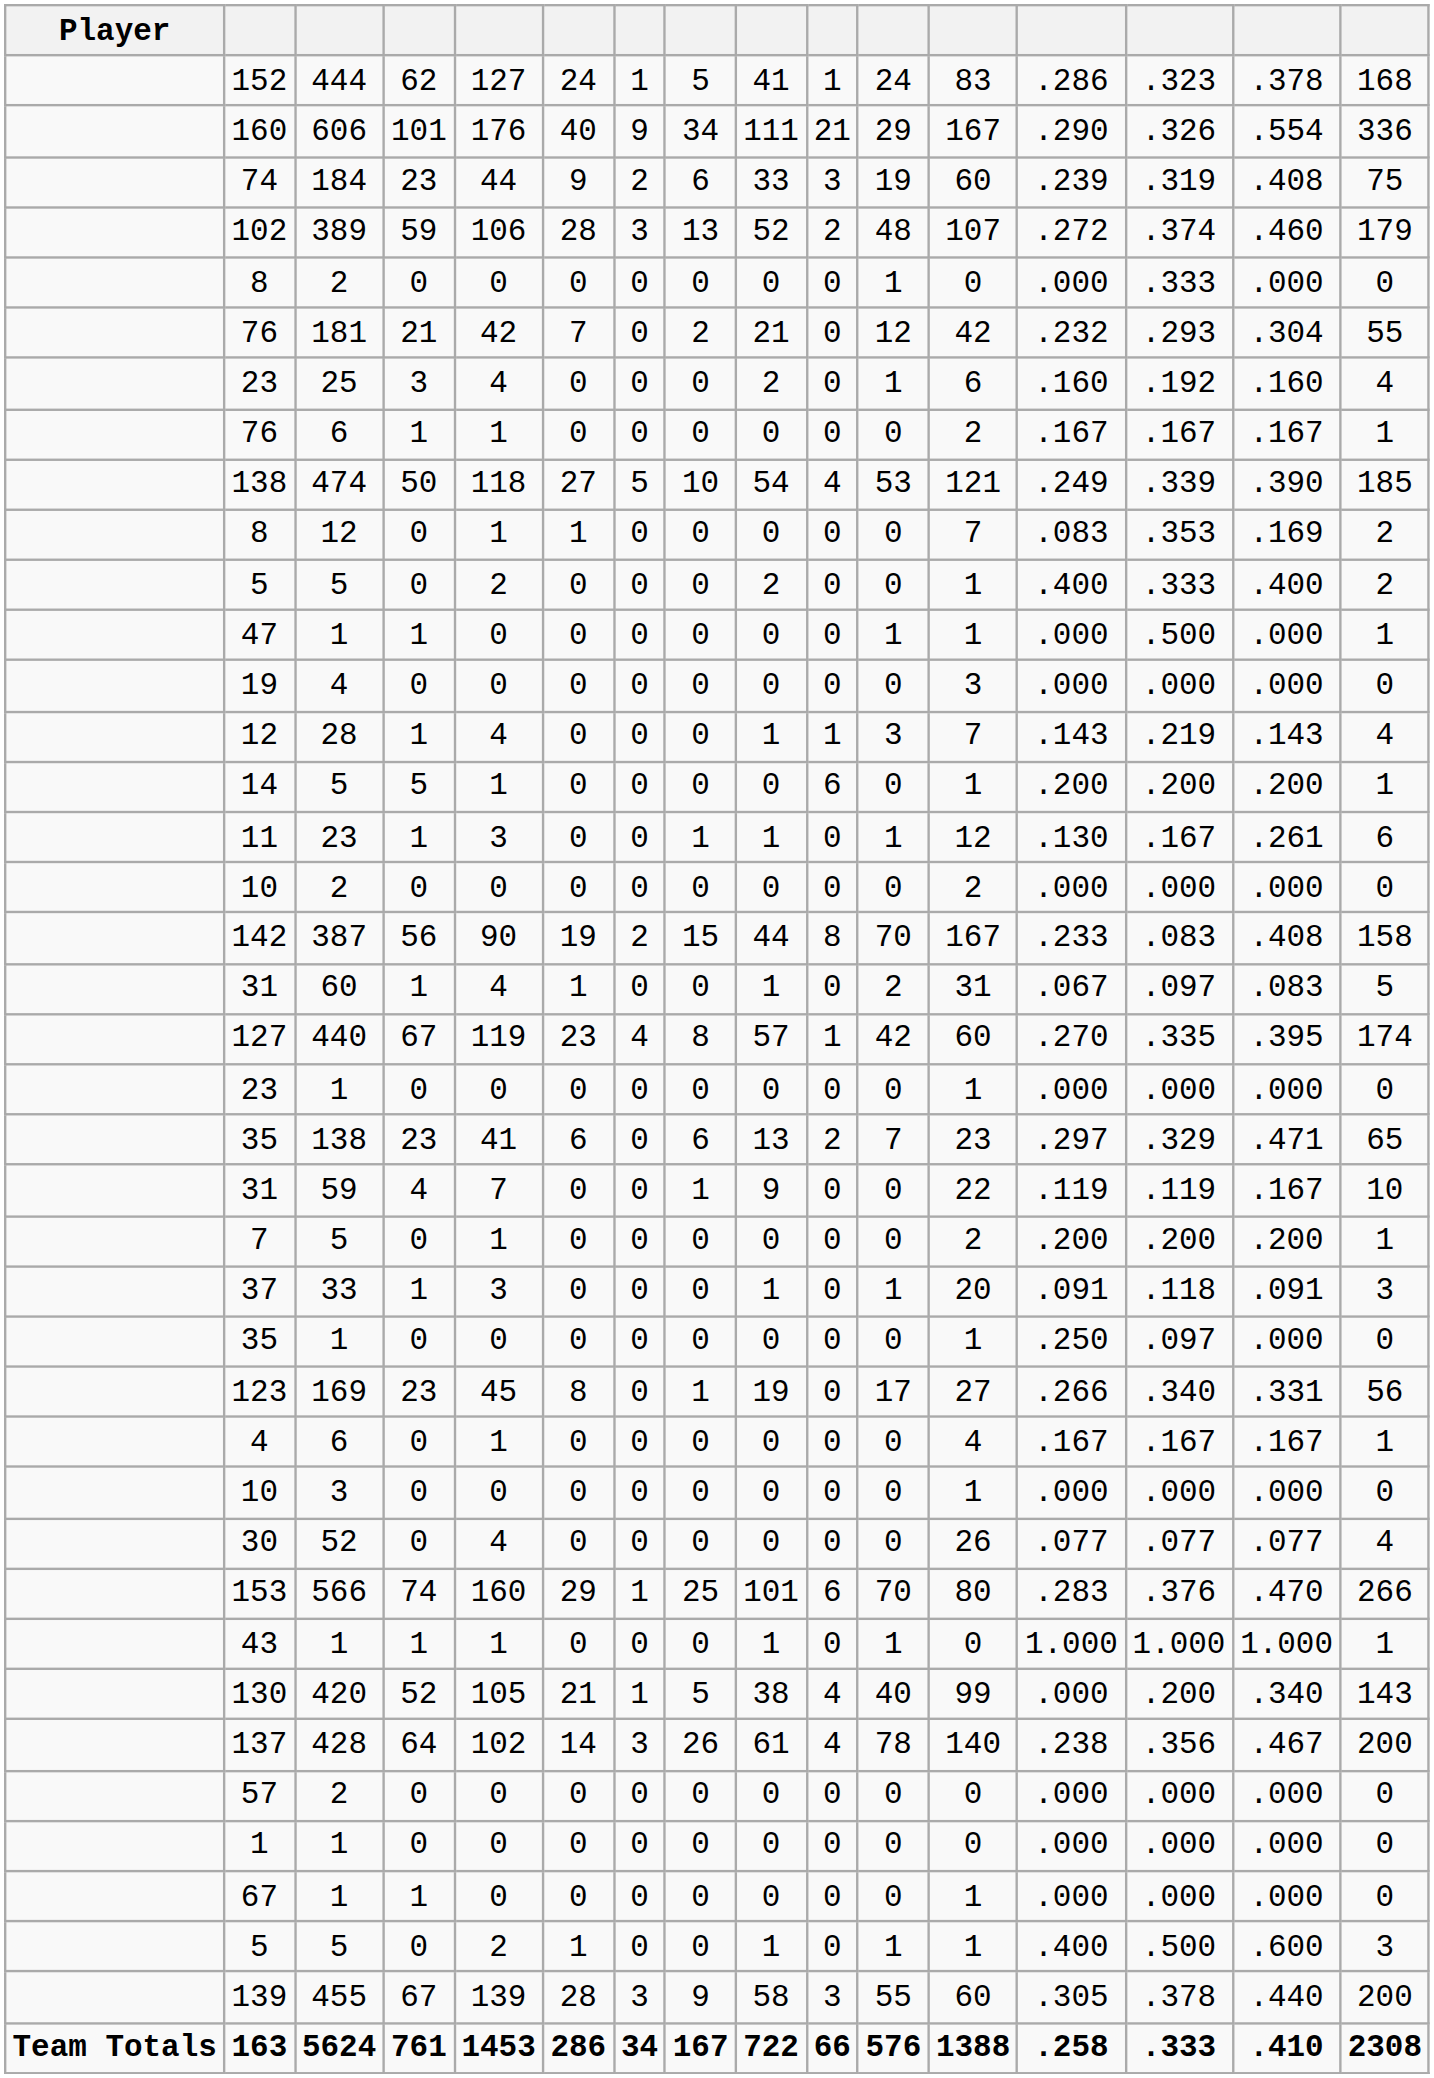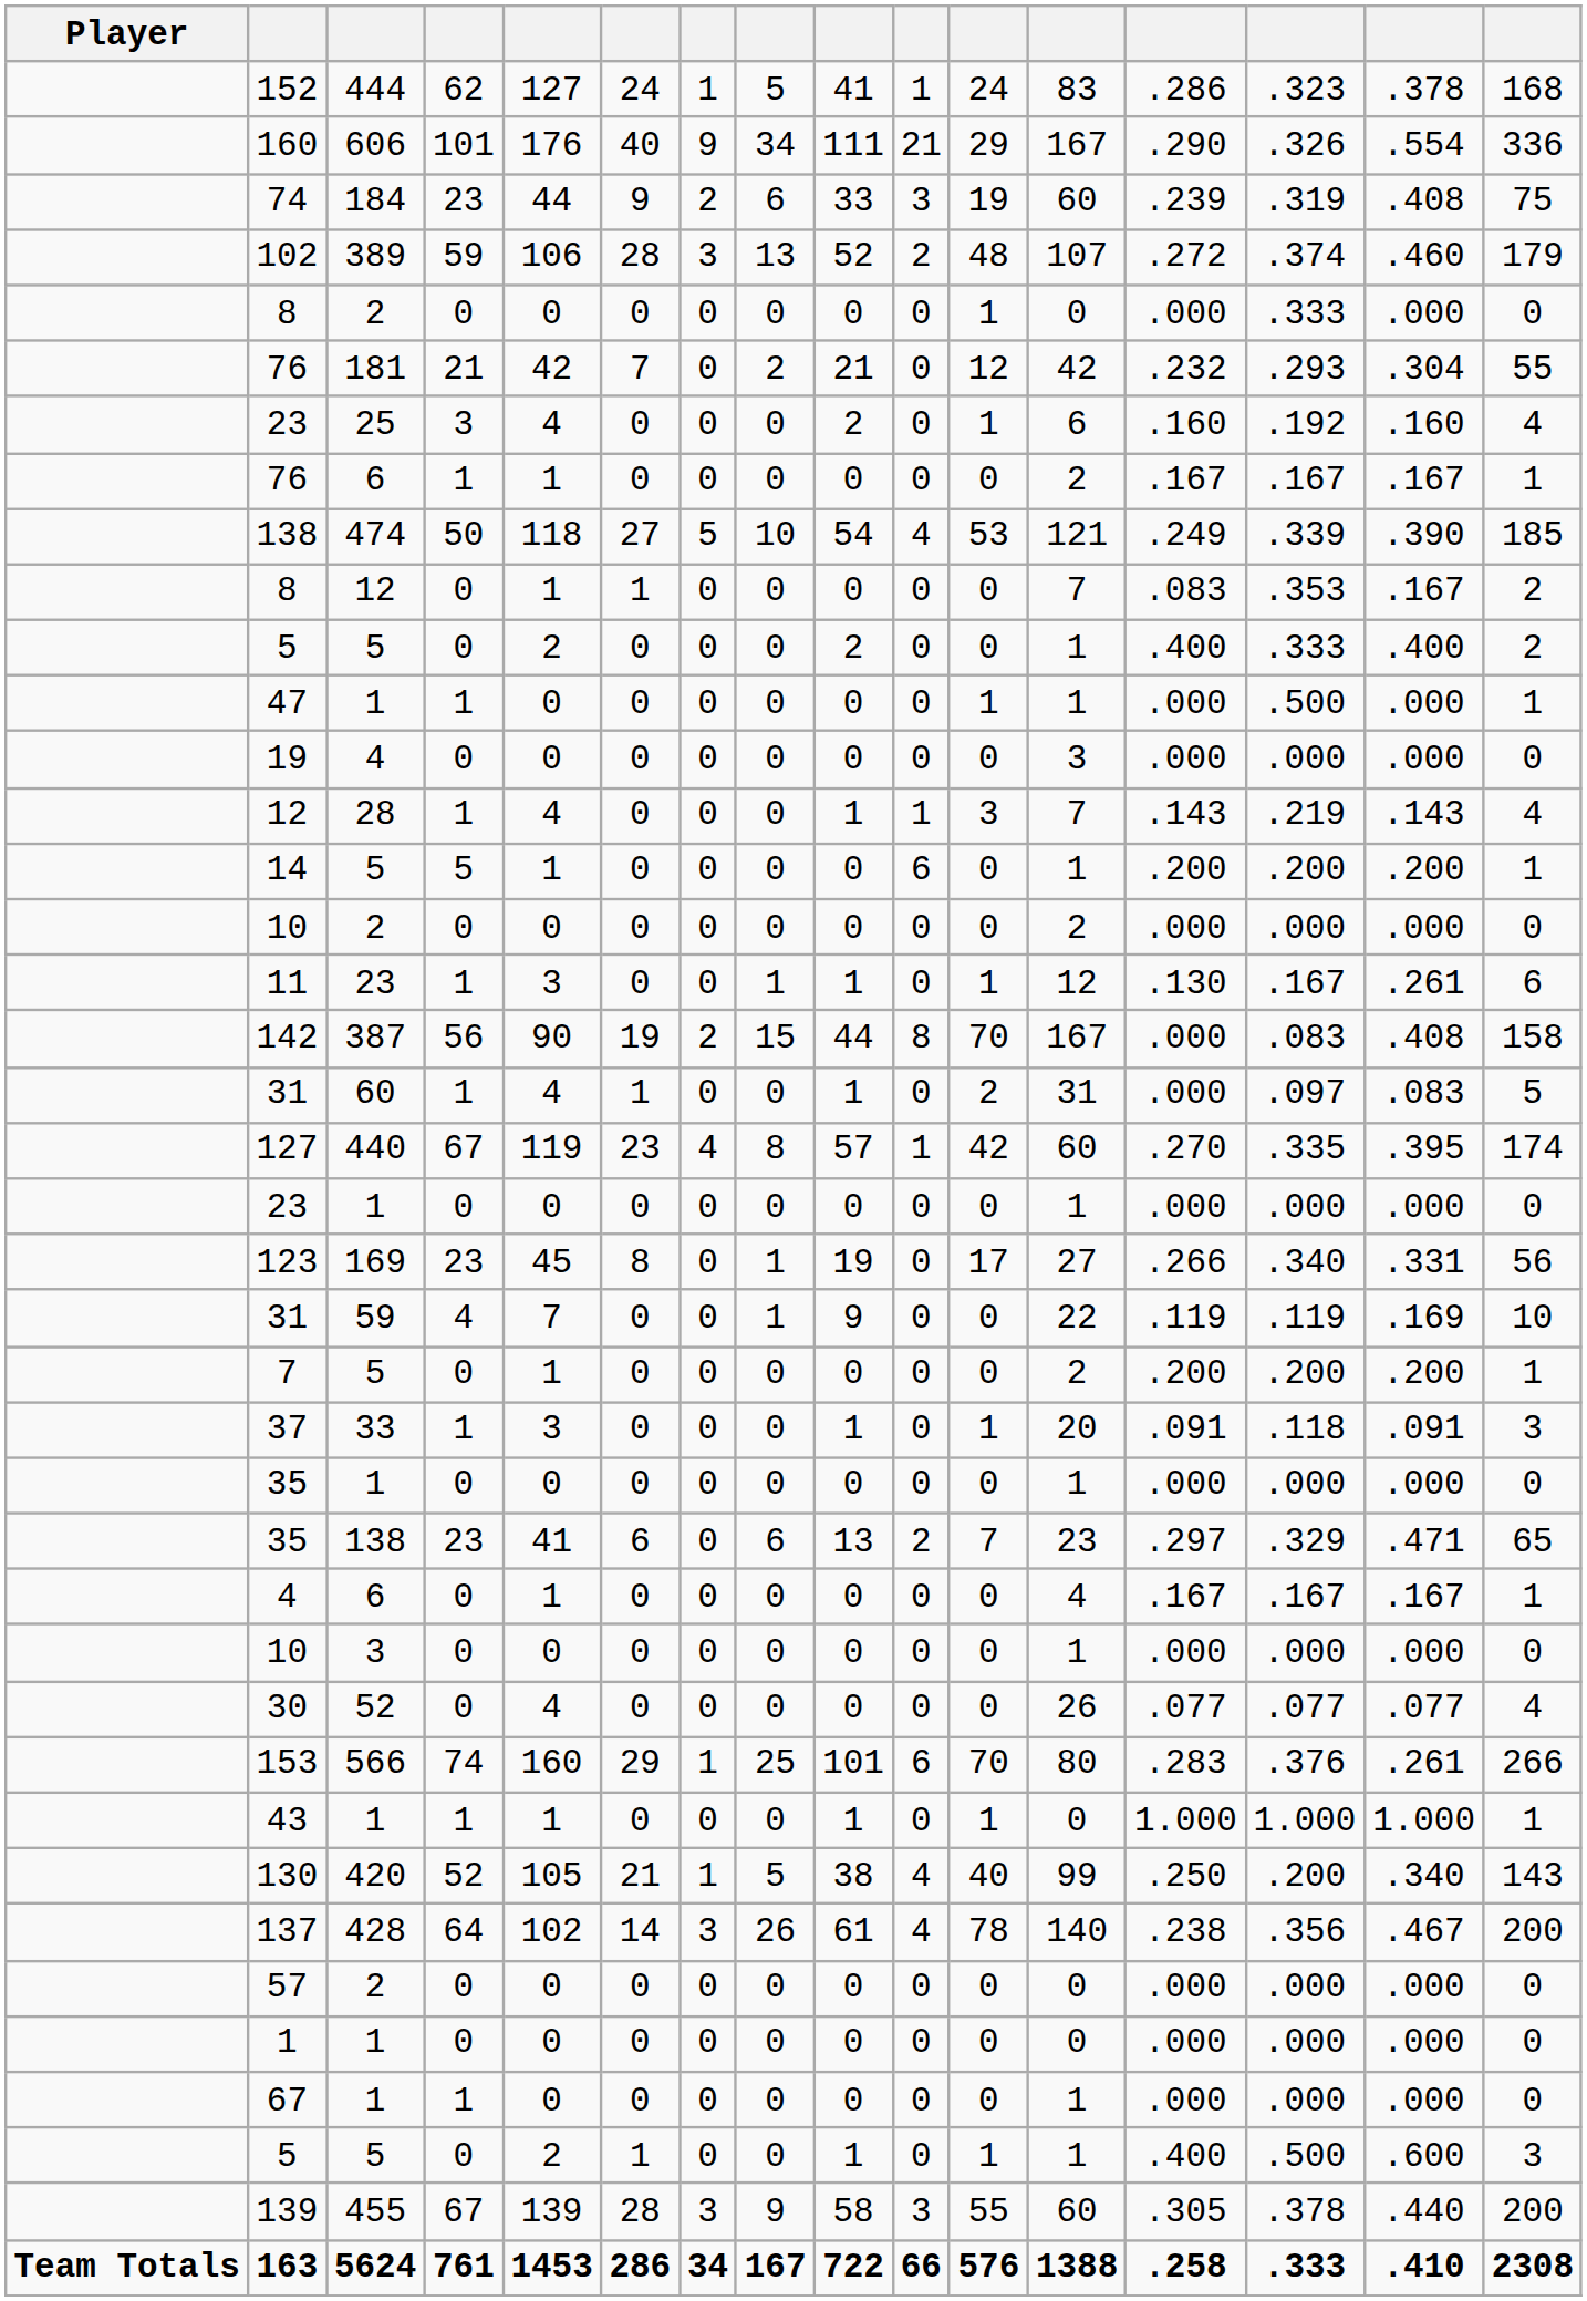 <table class="wikitable sortable" style="text-align:center;">
 <tr>
 <th>Player</th>
 <th></th>
 <th></th>
 <th></th>
 <th></th>
 <th></th>
 <th></th>
 <th></th>
 <th></th>
 <th></th>
 <th></th>
 <th></th>
 <th></th>
 <th></th>
 <th></th>
 <th></th>
 </tr>
 <tr>
 <td align=left><strong></strong></td>
 <td>152</td>
 <td>444</td>
 <td>62</td>
 <td>127</td>
 <td>24</td>
 <td>1</td>
 <td>5</td>
 <td>41</td>
 <td>1</td>
 <td>24</td>
 <td>83</td>
 <td>.286</td>
 <td>.323</td>
 <td>.378</td>
 <td>168</td>
 </tr>
 <tr>
 <td align=left><strong></strong></td>
 <td>160</td>
 <td>606</td>
 <td>101</td>
 <td>176</td>
 <td>40</td>
 <td>9</td>
 <td>34</td>
 <td>111</td>
 <td>21</td>
 <td>29</td>
 <td>167</td>
 <td>.290</td>
 <td>.326</td>
 <td>.554</td>
 <td>336</td>
 </tr>
 <tr>
 <td align=left><strong></strong></td>
 <td>74</td>
 <td>184</td>
 <td>23</td>
 <td>44</td>
 <td>9</td>
 <td>2</td>
 <td>6</td>
 <td>33</td>
 <td>3</td>
 <td>19</td>
 <td>60</td>
 <td>.239</td>
 <td>.319</td>
 <td>.408</td>
 <td>75</td>
 </tr>
 <tr>
 <td align=left><strong></strong></td>
 <td>102</td>
 <td>389</td>
 <td>59</td>
 <td>106</td>
 <td>28</td>
 <td>3</td>
 <td>13</td>
 <td>52</td>
 <td>2</td>
 <td>48</td>
 <td>107</td>
 <td>.272</td>
 <td>.374</td>
 <td>.460</td>
 <td>179</td>
 </tr>
 <tr>
 <td align=left></td>
 <td>8</td>
 <td>2</td>
 <td>0</td>
 <td>0</td>
 <td>0</td>
 <td>0</td>
 <td>0</td>
 <td>0</td>
 <td>0</td>
 <td>1</td>
 <td>0</td>
 <td>.000</td>
 <td>.333</td>
 <td>.000</td>
 <td>0</td>
 </tr>
 <tr>
 <td align=left><strong></strong></td>
 <td>76</td>
 <td>181</td>
 <td>21</td>
 <td>42</td>
 <td>7</td>
 <td>0</td>
 <td>2</td>
 <td>21</td>
 <td>0</td>
 <td>12</td>
 <td>42</td>
 <td>.232</td>
 <td>.293</td>
 <td>.304</td>
 <td>55</td>
 </tr>
 <tr>
 <td align=left></td>
 <td>23</td>
 <td>25</td>
 <td>3</td>
 <td>4</td>
 <td>0</td>
 <td>0</td>
 <td>0</td>
 <td>2</td>
 <td>0</td>
 <td>1</td>
 <td>6</td>
 <td>.160</td>
 <td>.192</td>
 <td>.160</td>
 <td>4</td>
 </tr>
 <tr>
 <td align=left><strong></strong></td>
 <td>76</td>
 <td>6</td>
 <td>1</td>
 <td>1</td>
 <td>0</td>
 <td>0</td>
 <td>0</td>
 <td>0</td>
 <td>0</td>
 <td>0</td>
 <td>2</td>
 <td>.167</td>
 <td>.167</td>
 <td>.167</td>
 <td>1</td>
 </tr>
 <tr>
 <td align=left><strong></strong></td>
 <td>138</td>
 <td>474</td>
 <td>50</td>
 <td>118</td>
 <td>27</td>
 <td>5</td>
 <td>10</td>
 <td>54</td>
 <td>4</td>
 <td>53</td>
 <td>121</td>
 <td>.249</td>
 <td>.339</td>
 <td>.390</td>
 <td>185</td>
 </tr>
 <tr>
 <td align=left><strong></strong></td>
 <td>8</td>
 <td>12</td>
 <td>0</td>
 <td>1</td>
 <td>1</td>
 <td>0</td>
 <td>0</td>
 <td>0</td>
 <td>0</td>
 <td>0</td>
 <td>7</td>
 <td>.083</td>
 <td>.353</td>
-<td>.169</td>
+<td>.167</td>
 <td>2</td>
 </tr>
 <tr>
 <td align=left></td>
 <td>5</td>
 <td>5</td>
 <td>0</td>
 <td>2</td>
 <td>0</td>
 <td>0</td>
 <td>0</td>
 <td>2</td>
 <td>0</td>
 <td>0</td>
 <td>1</td>
 <td>.400</td>
 <td>.333</td>
 <td>.400</td>
 <td>2</td>
 </tr>
 <tr>
 <td align=left></td>
 <td>47</td>
 <td>1</td>
 <td>1</td>
 <td>0</td>
 <td>0</td>
 <td>0</td>
 <td>0</td>
 <td>0</td>
 <td>0</td>
 <td>1</td>
 <td>1</td>
 <td>.000</td>
 <td>.500</td>
 <td>.000</td>
 <td>1</td>
 </tr>
 <tr>
 <td align=left><strong></strong></td>
 <td>19</td>
 <td>4</td>
 <td>0</td>
 <td>0</td>
 <td>0</td>
 <td>0</td>
 <td>0</td>
 <td>0</td>
 <td>0</td>
 <td>0</td>
 <td>3</td>
 <td>.000</td>
 <td>.000</td>
 <td>.000</td>
 <td>0</td>
 </tr>
 <tr>
 <td align=left></td>
 <td>12</td>
 <td>28</td>
 <td>1</td>
 <td>4</td>
 <td>0</td>
 <td>0</td>
 <td>0</td>
 <td>1</td>
 <td>1</td>
 <td>3</td>
 <td>7</td>
 <td>.143</td>
 <td>.219</td>
 <td>.143</td>
 <td>4</td>
 </tr>
 <tr>
 <td align=left></td>
 <td>14</td>
 <td>5</td>
 <td>5</td>
 <td>1</td>
 <td>0</td>
 <td>0</td>
 <td>0</td>
 <td>0</td>
 <td>6</td>
 <td>0</td>
 <td>1</td>
 <td>.200</td>
 <td>.200</td>
 <td>.200</td>
 <td>1</td>
 </tr>
 <tr>
 <td align=left></td>
+<td>10</td>
+<td>2</td>
+<td>0</td>
+<td>0</td>
+<td>0</td>
+<td>0</td>
+<td>0</td>
+<td>0</td>
+<td>0</td>
+<td>0</td>
+<td>2</td>
+<td>.000</td>
+<td>.000</td>
+<td>.000</td>
+<td>0</td>
+</tr>
+<tr>
+<td align=left></td>
 <td>11</td>
 <td>23</td>
 <td>1</td>
 <td>3</td>
 <td>0</td>
 <td>0</td>
 <td>1</td>
 <td>1</td>
 <td>0</td>
 <td>1</td>
 <td>12</td>
 <td>.130</td>
 <td>.167</td>
 <td>.261</td>
 <td>6</td>
 </tr>
 <tr>
-<td align=left></td>
-<td>10</td>
-<td>2</td>
-<td>0</td>
-<td>0</td>
-<td>0</td>
-<td>0</td>
-<td>0</td>
-<td>0</td>
-<td>0</td>
-<td>0</td>
-<td>2</td>
-<td>.000</td>
-<td>.000</td>
-<td>.000</td>
-<td>0</td>
-</tr>
-<tr>
 <td align=left><strong></strong></td>
 <td>142</td>
 <td>387</td>
 <td>56</td>
 <td>90</td>
 <td>19</td>
 <td>2</td>
 <td>15</td>
 <td>44</td>
 <td>8</td>
 <td>70</td>
 <td>167</td>
-<td>.233</td>
+<td>.000</td>
 <td>.083</td>
 <td>.408</td>
 <td>158</td>
 </tr>
 <tr>
 <td align=left><strong></strong></td>
 <td>31</td>
 <td>60</td>
 <td>1</td>
 <td>4</td>
 <td>1</td>
 <td>0</td>
 <td>0</td>
 <td>1</td>
 <td>0</td>
 <td>2</td>
 <td>31</td>
-<td>.067</td>
+<td>.000</td>
 <td>.097</td>
 <td>.083</td>
 <td>5</td>
 </tr>
 <tr>
 <td align=left><strong></strong></td>
 <td>127</td>
 <td>440</td>
 <td>67</td>
 <td>119</td>
 <td>23</td>
 <td>4</td>
 <td>8</td>
 <td>57</td>
 <td>1</td>
 <td>42</td>
 <td>60</td>
 <td>.270</td>
 <td>.335</td>
 <td>.395</td>
 <td>174</td>
 </tr>
 <tr>
 <td align=left></td>
 <td>23</td>
 <td>1</td>
 <td>0</td>
 <td>0</td>
 <td>0</td>
 <td>0</td>
 <td>0</td>
 <td>0</td>
 <td>0</td>
 <td>0</td>
 <td>1</td>
 <td>.000</td>
 <td>.000</td>
 <td>.000</td>
 <td>0</td>
 </tr>
 <tr>
-<td align=left></td>
-<td>35</td>
-<td>138</td>
+<td align=left><strong></strong></td>
+<td>123</td>
+<td>169</td>
 <td>23</td>
-<td>41</td>
-<td>6</td>
+<td>45</td>
+<td>8</td>
 <td>0</td>
-<td>6</td>
-<td>13</td>
-<td>2</td>
-<td>7</td>
-<td>23</td>
-<td>.297</td>
-<td>.329</td>
-<td>.471</td>
-<td>65</td>
+<td>1</td>
+<td>19</td>
+<td>0</td>
+<td>17</td>
+<td>27</td>
+<td>.266</td>
+<td>.340</td>
+<td>.331</td>
+<td>56</td>
 </tr>
 <tr>
 <td align=left></td>
 <td>31</td>
 <td>59</td>
 <td>4</td>
 <td>7</td>
 <td>0</td>
 <td>0</td>
 <td>1</td>
 <td>9</td>
 <td>0</td>
 <td>0</td>
 <td>22</td>
 <td>.119</td>
 <td>.119</td>
-<td>.167</td>
+<td>.169</td>
 <td>10</td>
 </tr>
 <tr>
 <td align=left><strong></strong></td>
 <td>7</td>
 <td>5</td>
 <td>0</td>
 <td>1</td>
 <td>0</td>
 <td>0</td>
 <td>0</td>
 <td>0</td>
 <td>0</td>
 <td>0</td>
 <td>2</td>
 <td>.200</td>
 <td>.200</td>
 <td>.200</td>
 <td>1</td>
 </tr>
 <tr>
 <td align=left></td>
 <td>37</td>
 <td>33</td>
 <td>1</td>
 <td>3</td>
 <td>0</td>
 <td>0</td>
 <td>0</td>
 <td>1</td>
 <td>0</td>
 <td>1</td>
 <td>20</td>
 <td>.091</td>
 <td>.118</td>
 <td>.091</td>
 <td>3</td>
 </tr>
 <tr>
 <td align=left></td>
 <td>35</td>
 <td>1</td>
 <td>0</td>
 <td>0</td>
 <td>0</td>
 <td>0</td>
 <td>0</td>
 <td>0</td>
 <td>0</td>
 <td>0</td>
 <td>1</td>
-<td>.250</td>
-<td>.097</td>
+<td>.000</td>
+<td>.000</td>
 <td>.000</td>
 <td>0</td>
 </tr>
 <tr>
-<td align=left><strong></strong></td>
-<td>123</td>
-<td>169</td>
+<td align=left></td>
+<td>35</td>
+<td>138</td>
 <td>23</td>
-<td>45</td>
-<td>8</td>
+<td>41</td>
+<td>6</td>
 <td>0</td>
-<td>1</td>
-<td>19</td>
-<td>0</td>
-<td>17</td>
-<td>27</td>
-<td>.266</td>
-<td>.340</td>
-<td>.331</td>
-<td>56</td>
+<td>6</td>
+<td>13</td>
+<td>2</td>
+<td>7</td>
+<td>23</td>
+<td>.297</td>
+<td>.329</td>
+<td>.471</td>
+<td>65</td>
 </tr>
 <tr>
 <td align=left></td>
 <td>4</td>
 <td>6</td>
 <td>0</td>
 <td>1</td>
 <td>0</td>
 <td>0</td>
 <td>0</td>
 <td>0</td>
 <td>0</td>
 <td>0</td>
 <td>4</td>
 <td>.167</td>
 <td>.167</td>
 <td>.167</td>
 <td>1</td>
 </tr>
 <tr>
 <td align=left><strong></strong></td>
 <td>10</td>
 <td>3</td>
 <td>0</td>
 <td>0</td>
 <td>0</td>
 <td>0</td>
 <td>0</td>
 <td>0</td>
 <td>0</td>
 <td>0</td>
 <td>1</td>
 <td>.000</td>
 <td>.000</td>
 <td>.000</td>
 <td>0</td>
 </tr>
 <tr>
 <td align=left><strong></strong></td>
 <td>30</td>
 <td>52</td>
 <td>0</td>
 <td>4</td>
 <td>0</td>
 <td>0</td>
 <td>0</td>
 <td>0</td>
 <td>0</td>
 <td>0</td>
 <td>26</td>
 <td>.077</td>
 <td>.077</td>
 <td>.077</td>
 <td>4</td>
 </tr>
 <tr>
 <td align=left><strong></strong></td>
 <td>153</td>
 <td>566</td>
 <td>74</td>
 <td>160</td>
 <td>29</td>
 <td>1</td>
 <td>25</td>
 <td>101</td>
 <td>6</td>
 <td>70</td>
 <td>80</td>
 <td>.283</td>
 <td>.376</td>
-<td>.470</td>
+<td>.261</td>
 <td>266</td>
 </tr>
 <tr>
 <td align=left></td>
 <td>43</td>
 <td>1</td>
 <td>1</td>
 <td>1</td>
 <td>0</td>
 <td>0</td>
 <td>0</td>
 <td>1</td>
 <td>0</td>
 <td>1</td>
 <td>0</td>
 <td>1.000</td>
 <td>1.000</td>
 <td>1.000</td>
 <td>1</td>
 </tr>
 <tr>
 <td align=left></td>
 <td>130</td>
 <td>420</td>
 <td>52</td>
 <td>105</td>
 <td>21</td>
 <td>1</td>
 <td>5</td>
 <td>38</td>
 <td>4</td>
 <td>40</td>
 <td>99</td>
-<td>.000</td>
+<td>.250</td>
 <td>.200</td>
 <td>.340</td>
 <td>143</td>
 </tr>
 <tr>
 <td align=left><strong></strong></td>
 <td>137</td>
 <td>428</td>
 <td>64</td>
 <td>102</td>
 <td>14</td>
 <td>3</td>
 <td>26</td>
 <td>61</td>
 <td>4</td>
 <td>78</td>
 <td>140</td>
 <td>.238</td>
 <td>.356</td>
 <td>.467</td>
 <td>200</td>
 </tr>
 <tr>
 <td align=left></td>
 <td>57</td>
 <td>2</td>
 <td>0</td>
 <td>0</td>
 <td>0</td>
 <td>0</td>
 <td>0</td>
 <td>0</td>
 <td>0</td>
 <td>0</td>
 <td>0</td>
 <td>.000</td>
 <td>.000</td>
 <td>.000</td>
 <td>0</td>
 </tr>
 <tr>
 <td align=left><strong></strong></td>
 <td>1</td>
 <td>1</td>
 <td>0</td>
 <td>0</td>
 <td>0</td>
 <td>0</td>
 <td>0</td>
 <td>0</td>
 <td>0</td>
 <td>0</td>
 <td>0</td>
 <td>.000</td>
 <td>.000</td>
 <td>.000</td>
 <td>0</td>
 </tr>
 <tr>
 <td align=left><strong></strong></td>
 <td>67</td>
 <td>1</td>
 <td>1</td>
 <td>0</td>
 <td>0</td>
 <td>0</td>
 <td>0</td>
 <td>0</td>
 <td>0</td>
 <td>0</td>
 <td>1</td>
 <td>.000</td>
 <td>.000</td>
 <td>.000</td>
 <td>0</td>
 </tr>
 <tr>
 <td align=left></td>
 <td>5</td>
 <td>5</td>
 <td>0</td>
 <td>2</td>
 <td>1</td>
 <td>0</td>
 <td>0</td>
 <td>1</td>
 <td>0</td>
 <td>1</td>
 <td>1</td>
 <td>.400</td>
 <td>.500</td>
 <td>.600</td>
 <td>3</td>
 </tr>
 <tr>
 <td align=left></td>
 <td>139</td>
 <td>455</td>
 <td>67</td>
 <td>139</td>
 <td>28</td>
 <td>3</td>
 <td>9</td>
 <td>58</td>
 <td>3</td>
 <td>55</td>
 <td>60</td>
 <td>.305</td>
 <td>.378</td>
 <td>.440</td>
 <td>200</td>
 </tr>
 <tr>
 <td align=left><strong>Team Totals</strong></td>
 <td><strong>163</strong></td>
 <td><strong>5624</strong></td>
 <td><strong>761</strong></td>
 <td><strong>1453</strong></td>
 <td><strong>286</strong></td>
 <td><strong>34</strong></td>
 <td><strong>167</strong></td>
 <td><strong>722</strong></td>
 <td><strong>66</strong></td>
 <td><strong>576</strong></td>
 <td><strong>1388</strong></td>
 <td><strong>.258</strong></td>
 <td><strong>.333</strong></td>
 <td><strong>.410</strong></td>
 <td><strong>2308</strong></td>
 </tr>
 <tr class="sortbottom|}">
 </tr>
 </table>
